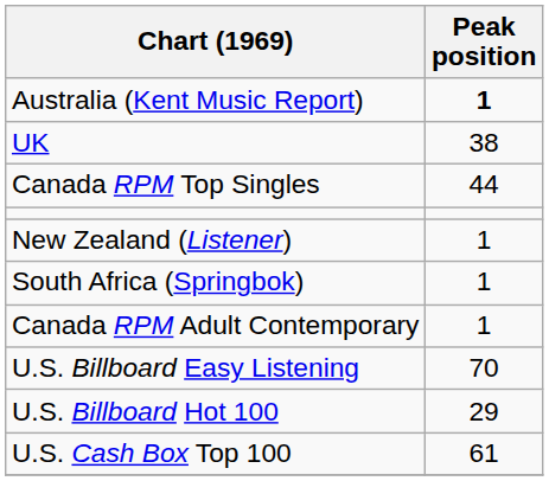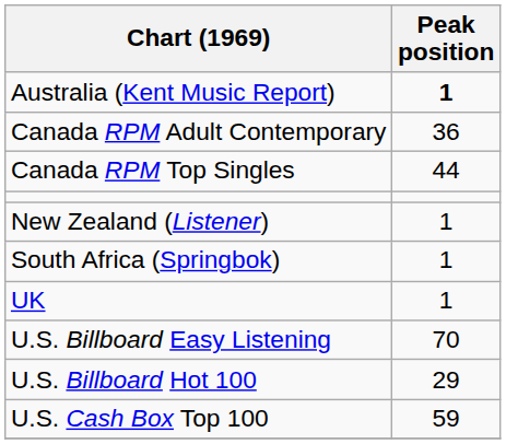 <table class="wikitable sortable">
 <tr>
 <th>Chart (1969)</th>
 <th>Peak<br>position</th>
 </tr>
 <tr>
 <td>Australia (<a href='#'>Kent Music Report</a>)</td>
 <td style="text-align:center;"><strong>1</strong></td>
 </tr>
 <tr>
-<td><a href='#'>UK</a></td>
-<td style="text-align:center;">38</td>
+<td>Canada <em><a href='#'>RPM</a></em> Adult Contemporary</td>
+<td style="text-align:center;">36</td>
 </tr>
 <tr>
 <td>Canada <em><a href='#'>RPM</a></em> Top Singles</td>
 <td style="text-align:center;">44</td>
 </tr>
 <tr>
 <td></td>
 </tr>
 <tr>
 <td>New Zealand (<em><a href='#'>Listener</a></em>)</td>
 <td style="text-align:center;">1</td>
 </tr>
 <tr>
 <td>South Africa (<a href='#'>Springbok</a>)</td>
 <td align="center">1</td>
 </tr>
 <tr>
-<td>Canada <em><a href='#'>RPM</a></em> Adult Contemporary</td>
+<td><a href='#'>UK</a></td>
 <td style="text-align:center;">1</td>
 </tr>
 <tr>
 <td align="left">U.S. <em>Billboard</em> <a href='#'>Easy Listening</a></td>
 <td style="text-align:center;">70</td>
 </tr>
 <tr>
 <td>U.S. <em><a href='#'>Billboard</a></em> <a href='#'>Hot 100</a></td>
 <td style="text-align:center;">29</td>
 </tr>
 <tr>
 <td>U.S. <a href='#'><em>Cash Box</em></a> Top 100</td>
-<td align="center">61</td>
+<td align="center">59</td>
 </tr>
 <tr>
 </tr>
 </table>
